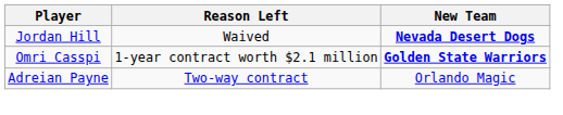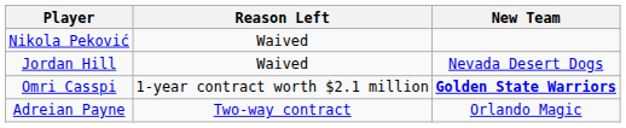 <table class="wikitable sortable sortable">
 <tr>
 <th>Player</th>
 <th>Reason Left</th>
 <th>New Team</th>
 </tr>
 <tr style="text-align: center">
+<td><a href='#'>Nikola Peković</a></td>
+<td>Waived</td>
+<td></td>
+</tr>
+<tr style="text-align: center">
 <td><a href='#'>Jordan Hill</a></td>
 <td>Waived</td>
-<td><strong><a href='#'>Nevada Desert Dogs</a></strong></td>
+<td><a href='#'>Nevada Desert Dogs</a></td>
 </tr>
 <tr style="text-align: center">
 <td><a href='#'>Omri Casspi</a></td>
 <td>1-year contract worth $2.1 million</td>
 <td><strong><a href='#'>Golden State Warriors</a></strong></td>
 </tr>
 <tr style="text-align: center">
 <td><a href='#'>Adreian Payne</a></td>
 <td><a href='#'>Two-way contract</a></td>
 <td><a href='#'>Orlando Magic</a></td>
 </tr>
 </table>
